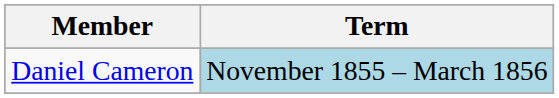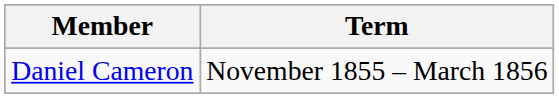 <table class="wikitable">
 <tr>
 <th>Member</th>
 <th>Term</th>
 </tr>
 <tr>
 <td><a href='#'>Daniel Cameron</a></td>
-<td style="background: lightblue;">November 1855 – March 1856</td>
+<td>November 1855 – March 1856</td>
 </tr>
 </table>
